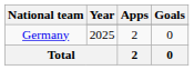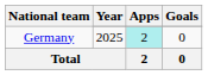 <table class="wikitable" style="text-align:center">
 <tr>
 <th>National team</th>
 <th>Year</th>
 <th>Apps</th>
 <th>Goals</th>
 </tr>
 <tr>
 <td rowspan="2"><a href='#'>Germany</a></td>
 </tr>
 <tr>
 <td>2025</td>
-<td>2</td>
+<td style="background: paleturquoise;">2</td>
 <td>0</td>
 </tr>
 <tr>
 <th colspan="2">Total</th>
 <th>2</th>
 <th>0</th>
 </tr>
 </table>
